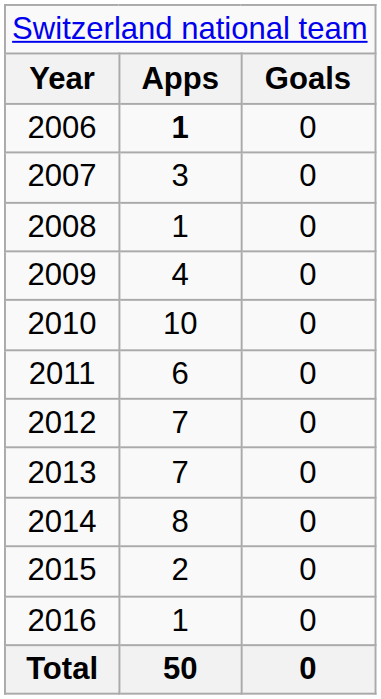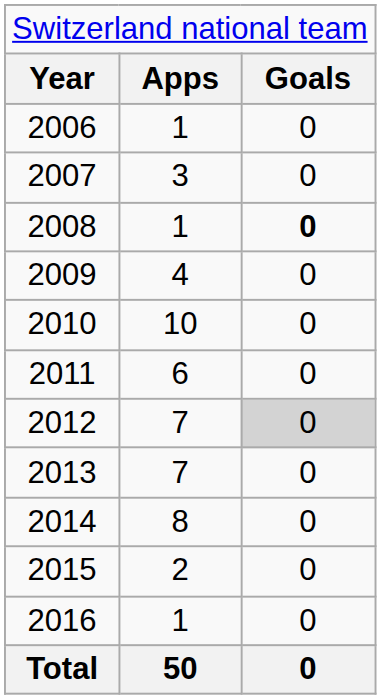 <table class="wikitable" style="text-align:center">
 <tr>
 <td colspan="3"><a href='#'>Switzerland national team</a></td>
 </tr>
 <tr>
 <th>Year</th>
 <th>Apps</th>
 <th>Goals</th>
 </tr>
 <tr>
 <td>2006</td>
-<td><strong>1</strong></td>
+<td>1</td>
 <td>0</td>
 </tr>
 <tr>
 <td>2007</td>
 <td>3</td>
 <td>0</td>
 </tr>
 <tr>
 <td>2008</td>
 <td>1</td>
-<td>0</td>
+<td><strong>0</strong></td>
 </tr>
 <tr>
 <td>2009</td>
 <td>4</td>
 <td>0</td>
 </tr>
 <tr>
 <td>2010</td>
 <td>10</td>
 <td>0</td>
 </tr>
 <tr>
 <td>2011</td>
 <td>6</td>
 <td>0</td>
 </tr>
 <tr>
 <td>2012</td>
 <td>7</td>
-<td>0</td>
+<td style="background: lightgrey;">0</td>
 </tr>
 <tr>
 <td>2013</td>
 <td>7</td>
 <td>0</td>
 </tr>
 <tr>
 <td>2014</td>
 <td>8</td>
 <td>0</td>
 </tr>
 <tr>
 <td>2015</td>
 <td>2</td>
 <td>0</td>
 </tr>
 <tr>
 <td>2016</td>
 <td>1</td>
 <td>0</td>
 </tr>
 <tr>
 <th>Total</th>
 <th>50</th>
 <th>0</th>
 </tr>
 </table>
